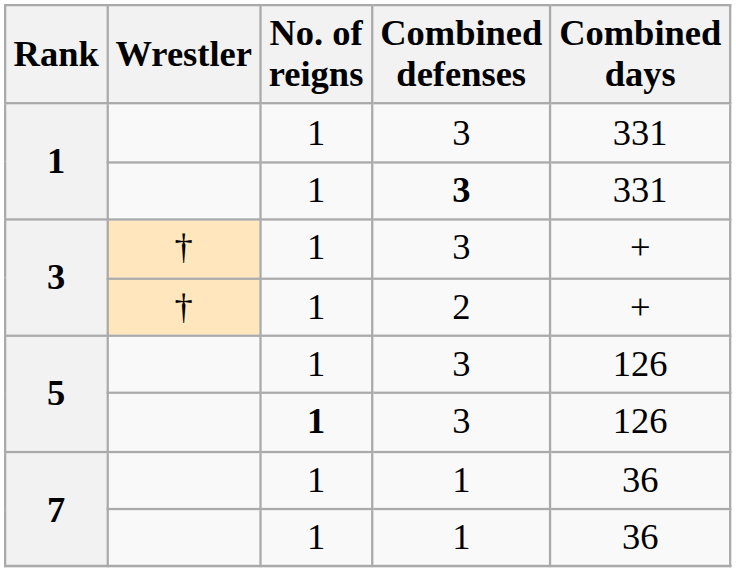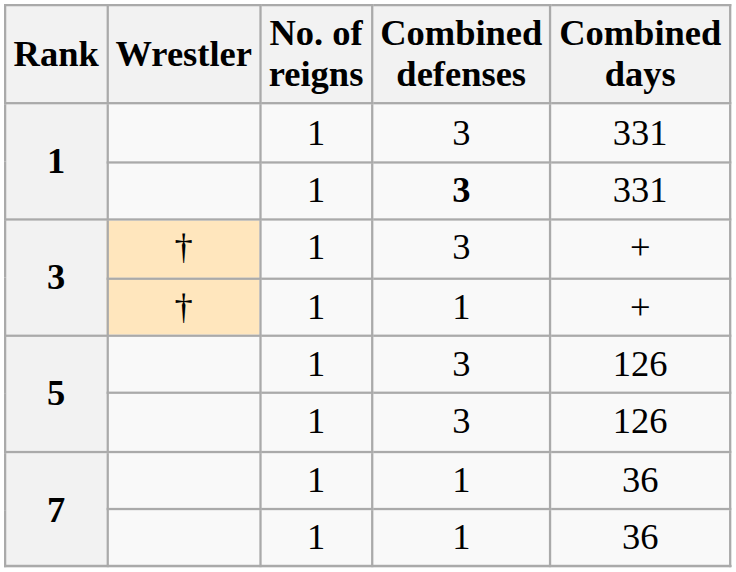 <table class="wikitable sortable" style="text-align: center">
 <tr>
 <th>Rank</th>
 <th>Wrestler</th>
 <th data-sort-type="number">No. of<br>reigns</th>
 <th data-sort-type="number">Combined<br>defenses</th>
 <th data-sort-type="number">Combined<br>days</th>
 </tr>
 <tr>
 <th rowspan=2>1</th>
 <td></td>
 <td>1</td>
 <td>3</td>
 <td>331</td>
 </tr>
 <tr>
 <td></td>
 <td>1</td>
 <td><strong>3</strong></td>
 <td>331</td>
 </tr>
 <tr>
 <th rowspan=2>3</th>
 <td style="background-color:#ffe6bd"> †</td>
 <td>1</td>
 <td>3</td>
 <td>+</td>
 </tr>
 <tr>
 <td style="background-color:#ffe6bd"> †</td>
 <td>1</td>
-<td>2</td>
+<td>1</td>
 <td>+</td>
 </tr>
 <tr>
 <th rowspan=2>5</th>
 <td></td>
 <td>1</td>
 <td>3</td>
 <td>126</td>
 </tr>
 <tr>
 <td></td>
-<td><strong>1</strong></td>
+<td>1</td>
 <td>3</td>
 <td>126</td>
 </tr>
 <tr>
 <th rowspan=2>7</th>
 <td></td>
 <td>1</td>
 <td>1</td>
 <td>36</td>
 </tr>
 <tr>
 <td></td>
 <td>1</td>
 <td>1</td>
 <td>36</td>
 </tr>
 <tr>
 </tr>
 </table>
